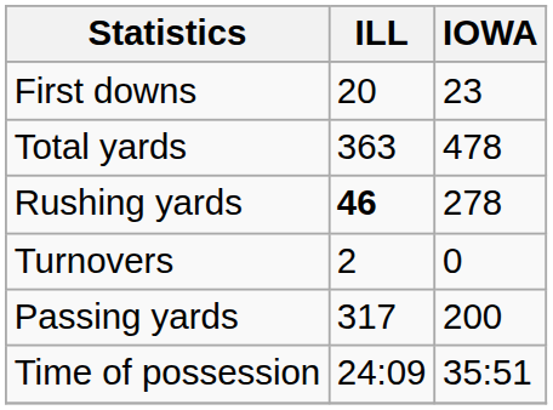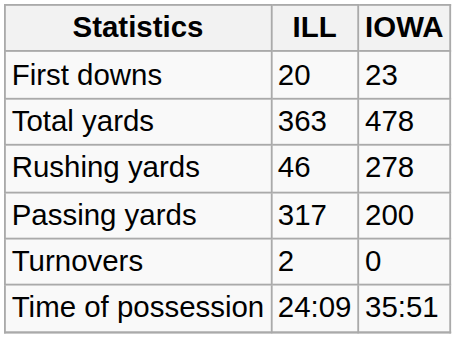 <table class="wikitable">
 <tr>
 <th>Statistics</th>
 <th>ILL</th>
 <th>IOWA</th>
 </tr>
 <tr>
 <td>First downs</td>
 <td>20</td>
 <td>23</td>
 </tr>
 <tr>
 <td>Total yards</td>
 <td>363</td>
 <td>478</td>
 </tr>
 <tr>
 <td>Rushing yards</td>
-<td><strong>46</strong></td>
+<td>46</td>
 <td>278</td>
+</tr>
+<tr>
+<td>Passing yards</td>
+<td>317</td>
+<td>200</td>
 </tr>
 <tr>
 <td>Turnovers</td>
 <td>2</td>
 <td>0</td>
-</tr>
-<tr>
-<td>Passing yards</td>
-<td>317</td>
-<td>200</td>
 </tr>
 <tr>
 <td>Time of possession</td>
 <td>24:09</td>
 <td>35:51</td>
 </tr>
 <tr>
 </tr>
 </table>
